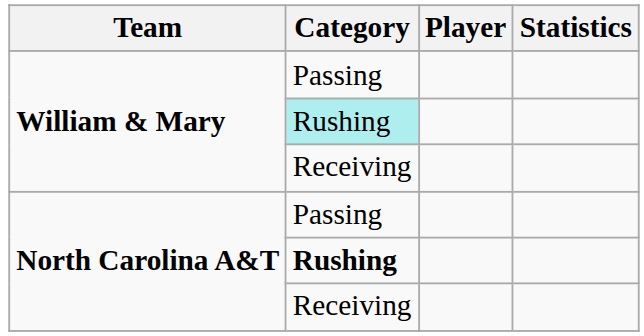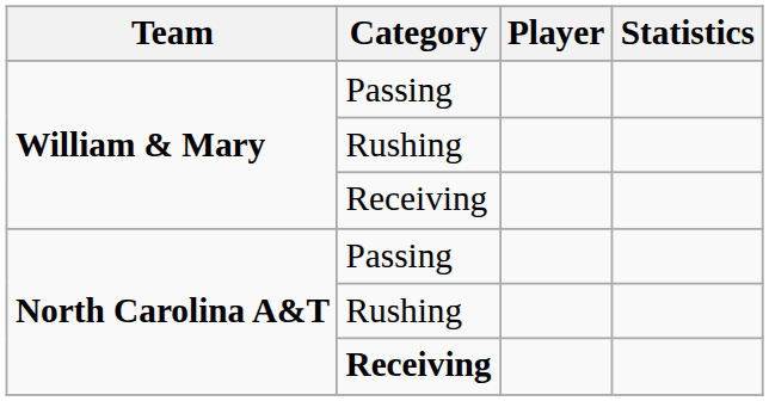 <table class="wikitable" style="float: right;">
 <tr>
 <th>Team</th>
 <th>Category</th>
 <th>Player</th>
 <th>Statistics</th>
 </tr>
 <tr>
 <td rowspan=3><strong>William & Mary</strong></td>
 <td>Passing</td>
 <td></td>
 <td></td>
 </tr>
 <tr>
-<td style="background: paleturquoise;">Rushing</td>
+<td>Rushing</td>
 <td></td>
 <td></td>
 </tr>
 <tr>
 <td>Receiving</td>
 <td></td>
 <td></td>
 </tr>
 <tr>
 <td rowspan=3><strong>North Carolina A&T</strong></td>
 <td>Passing</td>
 <td></td>
 <td></td>
 </tr>
 <tr>
-<td><strong>Rushing</strong></td>
+<td>Rushing</td>
 <td></td>
 <td></td>
 </tr>
 <tr>
-<td>Receiving</td>
+<td><strong>Receiving</strong></td>
 <td></td>
 <td></td>
 </tr>
 </table>
